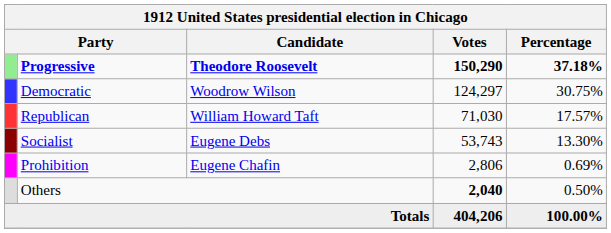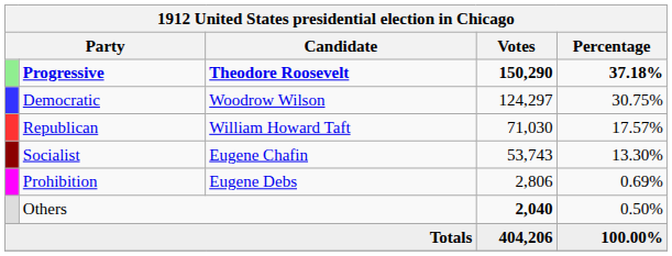 <table class="wikitable" style="font-size: 95%;">
 <tr>
 <th colspan="6">1912 United States presidential election in Chicago</th>
 </tr>
 <tr>
 <th colspan="2" style="width: 15em">Party</th>
 <th style="width: 22em">Candidate</th>
 <th style="width: 5em">Votes</th>
 <th style="width: 7em">Percentage</th>
 </tr>
 <tr>
 <th style="background-color:#90EE90; width: 3px"></th>
 <td style="width: 130px"><strong><a href='#'>Progressive</a></strong></td>
 <td><strong><a href='#'>Theodore Roosevelt</a></strong></td>
 <td align="right"><strong>150,290</strong></td>
 <td align="right"><strong>37.18%</strong></td>
 </tr>
 <tr>
 <th style="background-color:#3333FF; width: 3px"></th>
 <td style="width: 130px"><a href='#'>Democratic</a></td>
 <td><a href='#'>Woodrow Wilson</a></td>
 <td align="right">124,297</td>
 <td align="right">30.75%</td>
 </tr>
 <tr>
 <th style="background-color:#FF3333; width: 3px"></th>
 <td style="width: 130px"><a href='#'>Republican</a></td>
 <td><a href='#'>William Howard Taft</a></td>
 <td align="right">71,030</td>
 <td align="right">17.57%</td>
 </tr>
 <tr>
 <th style="background-color:#8B0000; width: 3px"></th>
 <td style="width: 130px"><a href='#'>Socialist</a></td>
-<td><a href='#'>Eugene Debs</a></td>
+<td><a href='#'>Eugene Chafin</a></td>
 <td align="right">53,743</td>
 <td align="right">13.30%</td>
 </tr>
 <tr>
 <th style="background-color:#FF00FF; width: 3px"></th>
 <td style="width: 130px"><a href='#'>Prohibition</a></td>
-<td><a href='#'>Eugene Chafin</a></td>
+<td><a href='#'>Eugene Debs</a></td>
 <td align="right">2,806</td>
 <td align="right">0.69%</td>
 </tr>
 <tr>
 <th style="background-color:#DDDDDD; width: 3px"></th>
 <td colspan=2 style="width: 130px">Others</td>
 <td align="right"><strong>2,040</strong></td>
 <td align="right">0.50%</td>
 </tr>
 <tr>
 </tr>
 <tr bgcolor="#EEEEEE">
 <td colspan="3" align="right"><strong>Totals</strong></td>
 <td align="right"><strong>404,206</strong></td>
 <td align="right"><strong>100.00%</strong></td>
 </tr>
 <tr bgcolor="#EEEEEE">
 </tr>
 </table>
